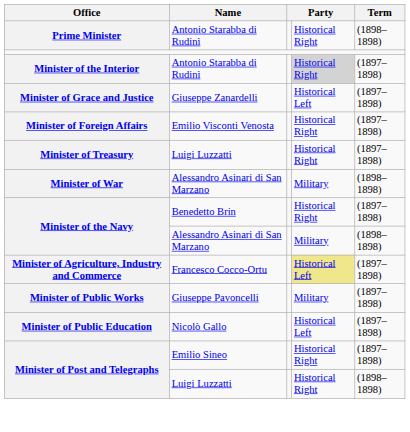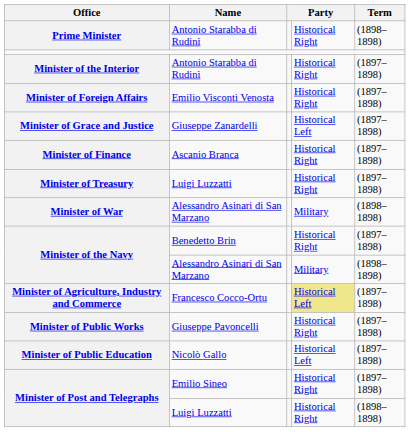 <table class="wikitable" style="font-size: 100%;">
 <tr>
 <th>Office</th>
 <th>Name</th>
 <th colspan=2>Party</th>
 <th>Term</th>
 </tr>
 <tr>
 <th><a href='#'>Prime Minister</a></th>
 <td><a href='#'>Antonio Starabba di Rudinì</a></td>
 <td style="color:inherit;background:"></td>
 <td><a href='#'>Historical Right</a></td>
 <td>(1898–1898)</td>
 </tr>
 <tr>
 <td colspan=5></td>
 </tr>
 <tr>
 <th><a href='#'>Minister of the Interior</a></th>
 <td><a href='#'>Antonio Starabba di Rudinì</a></td>
 <td style="color:inherit;background:"></td>
-<td style="background: lightgrey;"><a href='#'>Historical Right</a></td>
+<td><a href='#'>Historical Right</a></td>
+<td>(1897–1898)</td>
+</tr>
+<tr>
+<th><a href='#'>Minister of Foreign Affairs</a></th>
+<td><a href='#'>Emilio Visconti Venosta</a></td>
+<td style="color:inherit;background:"></td>
+<td><a href='#'>Historical Right</a></td>
 <td>(1897–1898)</td>
 </tr>
 <tr>
 <th><a href='#'>Minister of Grace and Justice</a></th>
 <td><a href='#'>Giuseppe Zanardelli</a></td>
 <td style="color:inherit;background:"></td>
 <td><a href='#'>Historical Left</a></td>
 <td>(1897–1898)</td>
 </tr>
 <tr>
-<th><a href='#'>Minister of Foreign Affairs</a></th>
-<td><a href='#'>Emilio Visconti Venosta</a></td>
+<th><a href='#'>Minister of Finance</a></th>
+<td><a href='#'>Ascanio Branca</a></td>
 <td style="color:inherit;background:"></td>
 <td><a href='#'>Historical Right</a></td>
 <td>(1897–1898)</td>
 </tr>
 <tr>
 <th><a href='#'>Minister of Treasury</a></th>
 <td><a href='#'>Luigi Luzzatti</a></td>
 <td style="color:inherit;background:"></td>
 <td><a href='#'>Historical Right</a></td>
 <td>(1897–1898)</td>
 </tr>
 <tr>
 <th><a href='#'>Minister of War</a></th>
 <td><a href='#'>Alessandro Asinari di San Marzano</a></td>
 <td style="color:inherit;background:"></td>
 <td><a href='#'>Military</a></td>
 <td>(1898–1898)</td>
 </tr>
 <tr>
 <th rowspan=2><a href='#'>Minister of the Navy</a></th>
 <td><a href='#'>Benedetto Brin</a></td>
 <td style="color:inherit;background:"></td>
 <td><a href='#'>Historical Right</a></td>
 <td>(1897–1898)</td>
 </tr>
 <tr>
 <td><a href='#'>Alessandro Asinari di San Marzano</a></td>
 <td style="color:inherit;background:"></td>
 <td><a href='#'>Military</a></td>
 <td>(1898–1898)</td>
 </tr>
 <tr>
 <th><a href='#'>Minister of Agriculture, Industry and Commerce</a></th>
 <td><a href='#'>Francesco Cocco-Ortu</a></td>
 <td style="color:inherit;background:"></td>
 <td style="background: khaki;"><a href='#'>Historical Left</a></td>
 <td>(1897–1898)</td>
 </tr>
 <tr>
 <th><a href='#'>Minister of Public Works</a></th>
 <td><a href='#'>Giuseppe Pavoncelli</a></td>
 <td style="color:inherit;background:"></td>
-<td><a href='#'>Military</a></td>
+<td><a href='#'>Historical Right</a></td>
 <td>(1897–1898)</td>
 </tr>
 <tr>
 <th><a href='#'>Minister of Public Education</a></th>
 <td><a href='#'>Nicolò Gallo</a></td>
 <td style="color:inherit;background:"></td>
 <td><a href='#'>Historical Left</a></td>
 <td>(1897–1898)</td>
 </tr>
 <tr>
 <th rowspan=2><a href='#'>Minister of Post and Telegraphs</a></th>
 <td><a href='#'>Emilio Sineo</a></td>
 <td style="color:inherit;background:"></td>
 <td><a href='#'>Historical Right</a></td>
 <td>(1897–1898)</td>
 </tr>
 <tr>
 <td><a href='#'>Luigi Luzzatti</a></td>
 <td style="color:inherit;background:"></td>
 <td><a href='#'>Historical Right</a></td>
 <td>(1898–1898)</td>
 </tr>
 </table>
